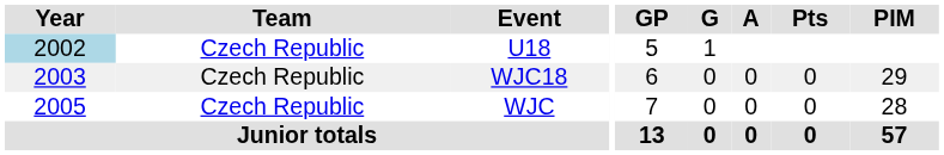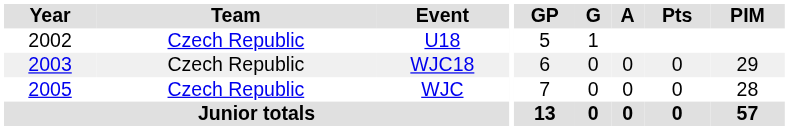 <table border="0" cellpadding="1" cellspacing="0" ID="Table3" style="text-align:center; width:40em">
 <tr ALIGN="center" bgcolor="#e0e0e0">
 <th>Year</th>
 <th>Team</th>
 <th>Event</th>
 <th rowspan="99" bgcolor="#ffffff"></th>
 <th>GP</th>
 <th>G</th>
 <th>A</th>
 <th>Pts</th>
 <th>PIM</th>
 </tr>
 <tr>
-<td style="background: lightblue;">2002</td>
+<td>2002</td>
 <td><a href='#'>Czech Republic</a></td>
 <td><a href='#'>U18</a></td>
 <td>5</td>
 <td>1</td>
 <td></td>
 <td></td>
 <td></td>
 </tr>
 <tr bgcolor="#f0f0f0">
 <td><a href='#'>2003</a></td>
 <td>Czech Republic</td>
 <td><a href='#'>WJC18</a></td>
 <td>6</td>
 <td>0</td>
 <td>0</td>
 <td>0</td>
 <td>29</td>
 </tr>
 <tr>
 <td><a href='#'>2005</a></td>
 <td><a href='#'>Czech Republic</a></td>
 <td><a href='#'>WJC</a></td>
 <td>7</td>
 <td>0</td>
 <td>0</td>
 <td>0</td>
 <td>28</td>
 </tr>
 <tr bgcolor="#e0e0e0">
 <th colspan="3">Junior totals</th>
 <th>13</th>
 <th>0</th>
 <th>0</th>
 <th>0</th>
 <th>57</th>
 </tr>
 </table>
